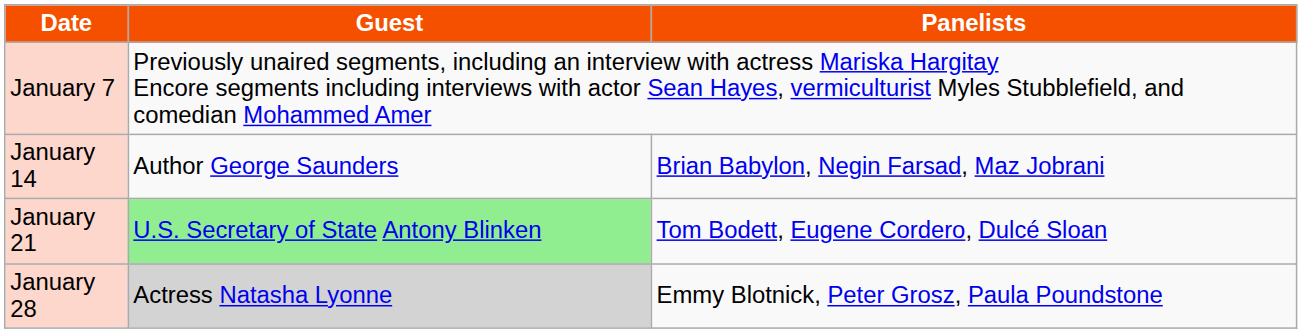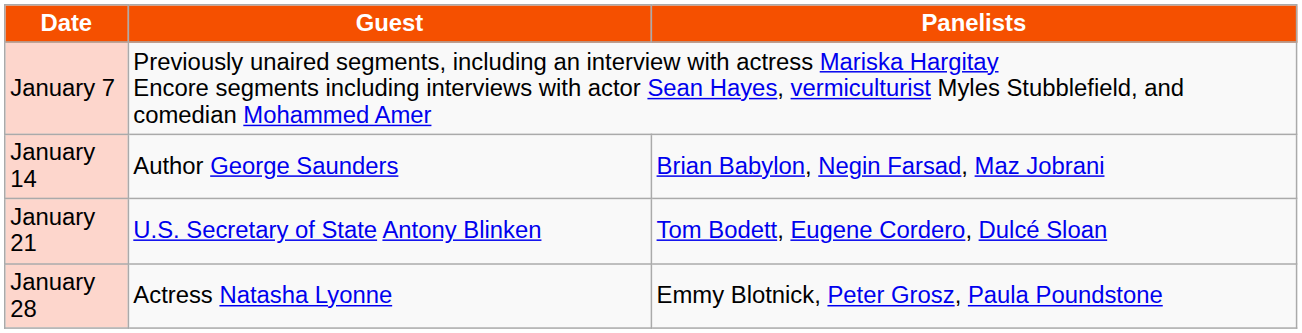 <table class="wikitable">
 <tr>
 <th style="background:#f55000;color:#FFFFFF;">Date</th>
 <th style="background:#f55000;color:#FFFFFF;">Guest</th>
 <th style="background:#f55000;color:#FFFFFF;">Panelists</th>
 </tr>
 <tr>
 <td style="background:#FDD6CC;color:#000000;">January 7</td>
 <td colspan=2>Previously unaired segments, including an interview with actress <a href='#'>Mariska Hargitay</a><br>Encore segments including interviews with actor <a href='#'>Sean Hayes</a>, <a href='#'>vermiculturist</a> Myles Stubblefield, and comedian <a href='#'>Mohammed Amer</a></td>
 </tr>
 <tr>
 <td style="background:#FDD6CC;color:#000000;">January 14</td>
 <td>Author <a href='#'>George Saunders</a></td>
 <td><a href='#'>Brian Babylon</a>, <a href='#'>Negin Farsad</a>, <a href='#'>Maz Jobrani</a></td>
 </tr>
 <tr>
 <td style="background:#FDD6CC;color:#000000;">January 21</td>
-<td style="background: lightgreen;"><a href='#'>U.S. Secretary of State</a> <a href='#'>Antony Blinken</a></td>
+<td><a href='#'>U.S. Secretary of State</a> <a href='#'>Antony Blinken</a></td>
 <td><a href='#'>Tom Bodett</a>, <a href='#'>Eugene Cordero</a>, <a href='#'>Dulcé Sloan</a></td>
 </tr>
 <tr>
 <td style="background:#FDD6CC;color:#000000;">January 28</td>
-<td style="background: lightgrey;">Actress <a href='#'>Natasha Lyonne</a></td>
+<td>Actress <a href='#'>Natasha Lyonne</a></td>
 <td>Emmy Blotnick, <a href='#'>Peter Grosz</a>, <a href='#'>Paula Poundstone</a></td>
 </tr>
 </table>
